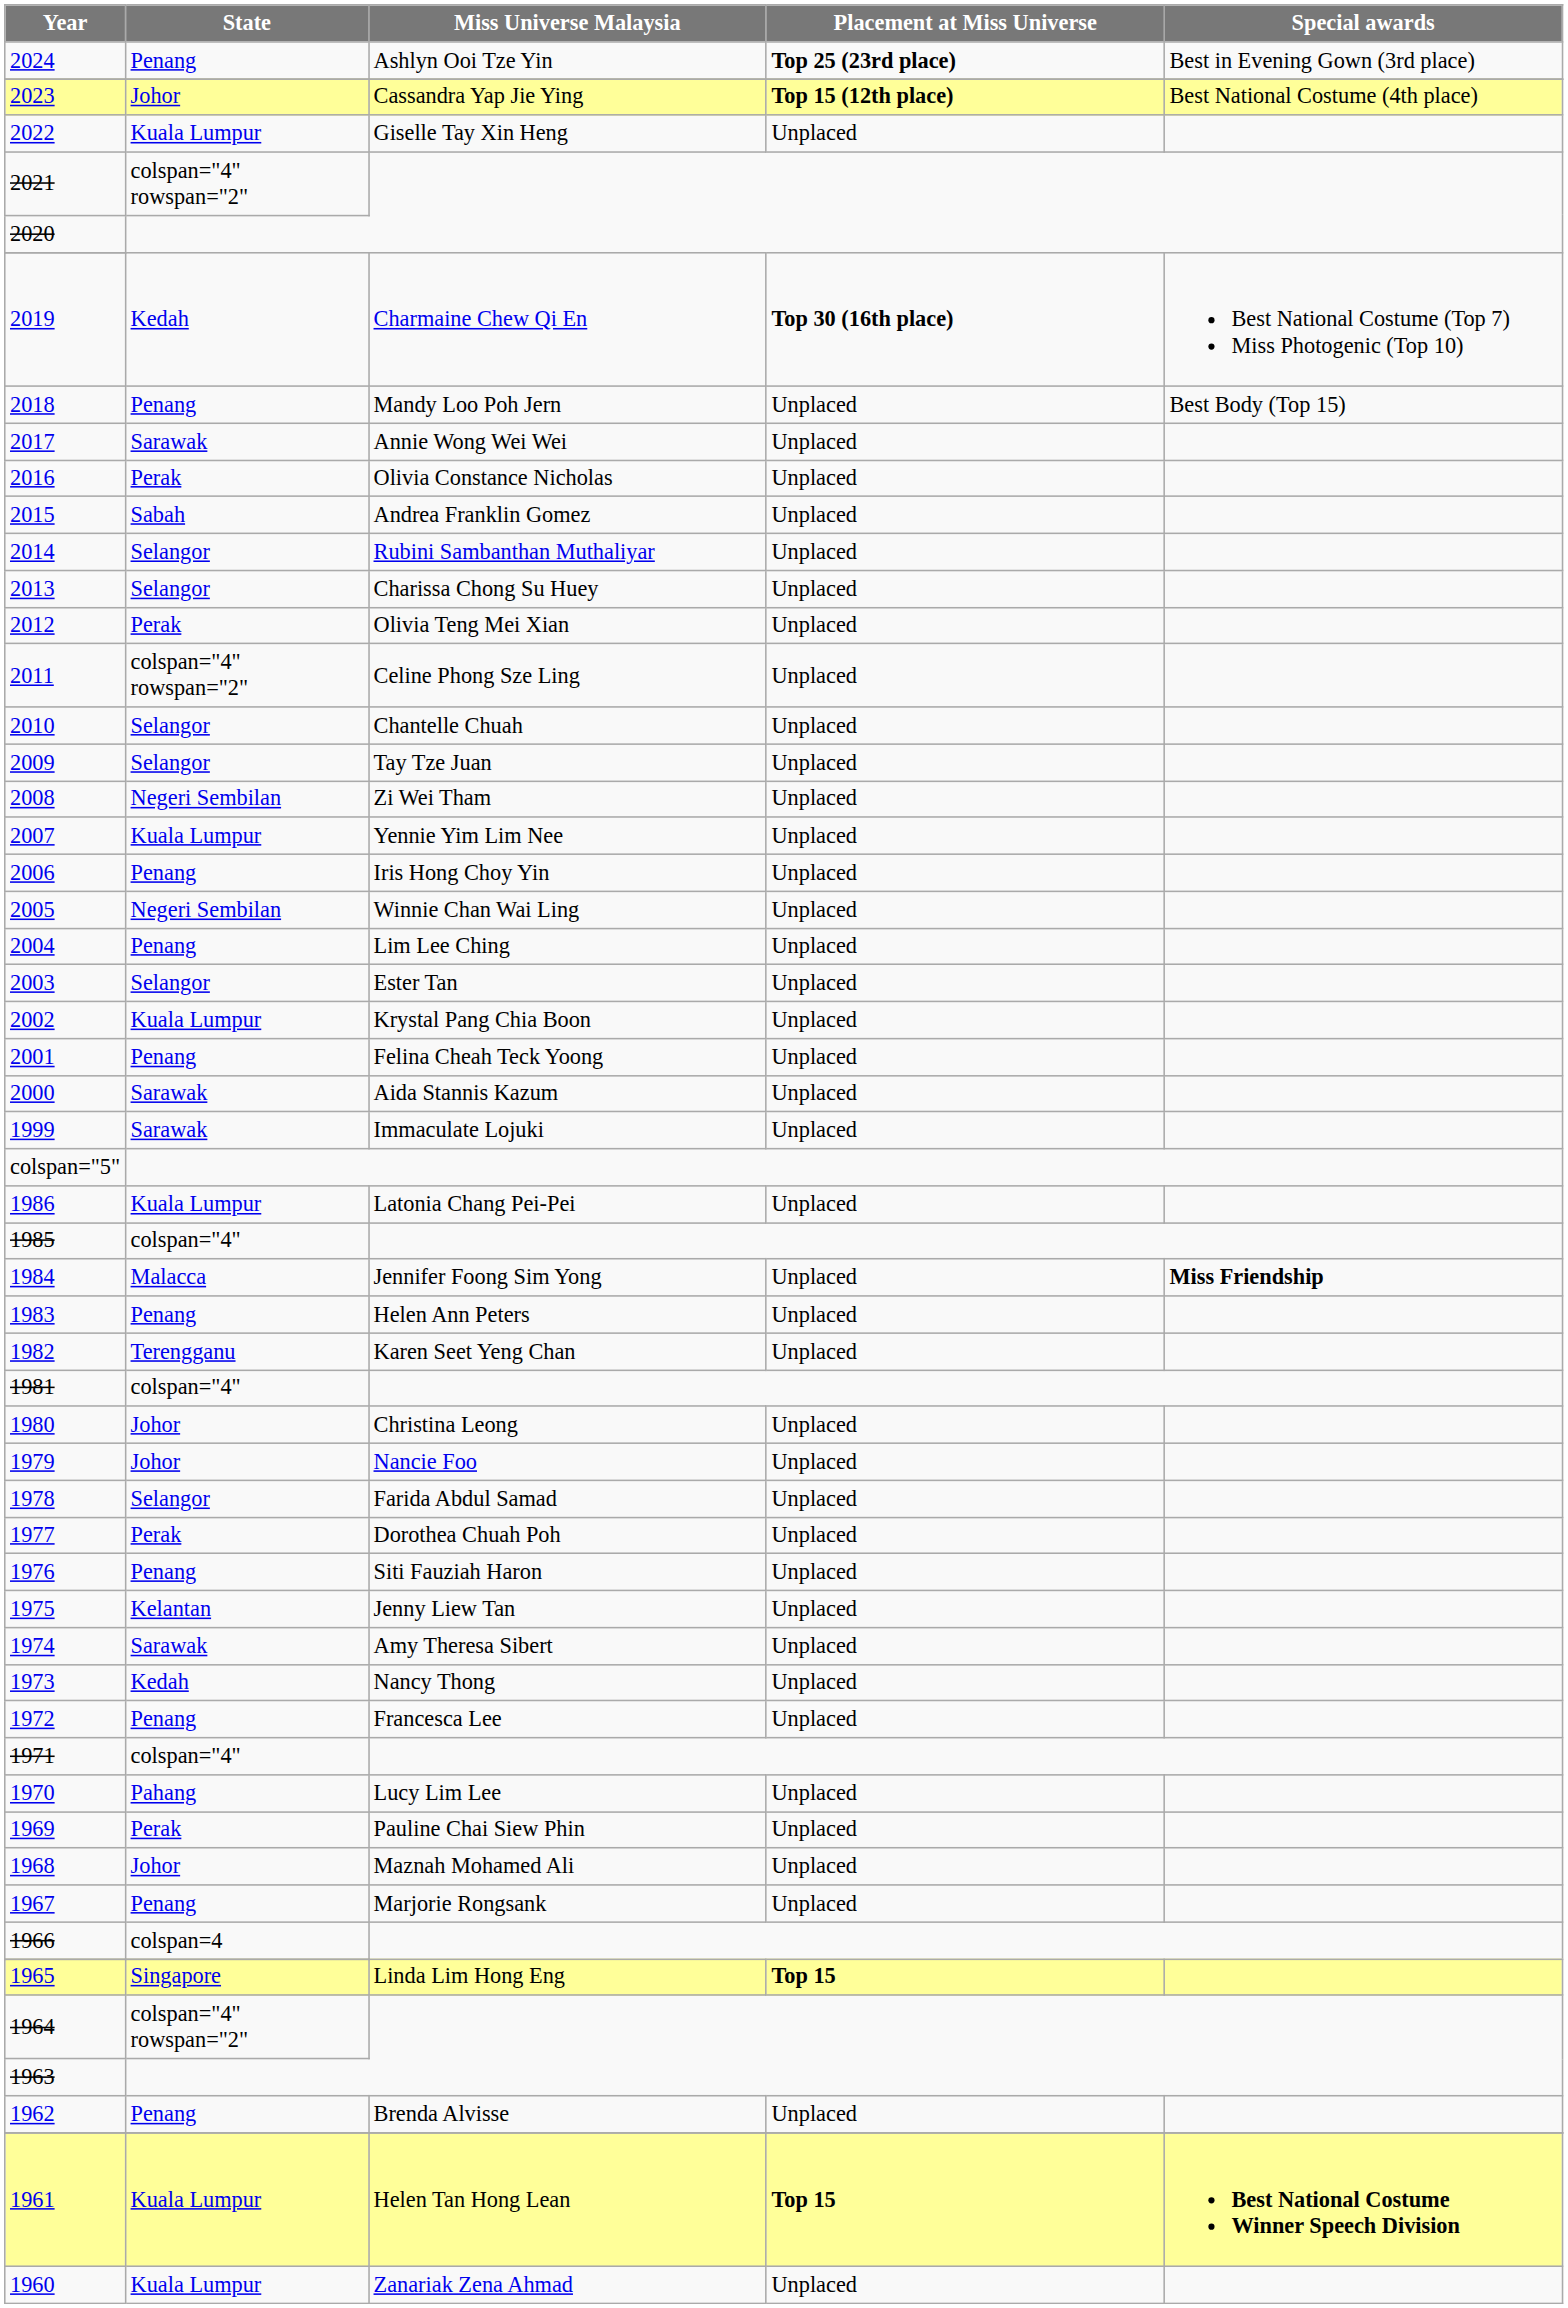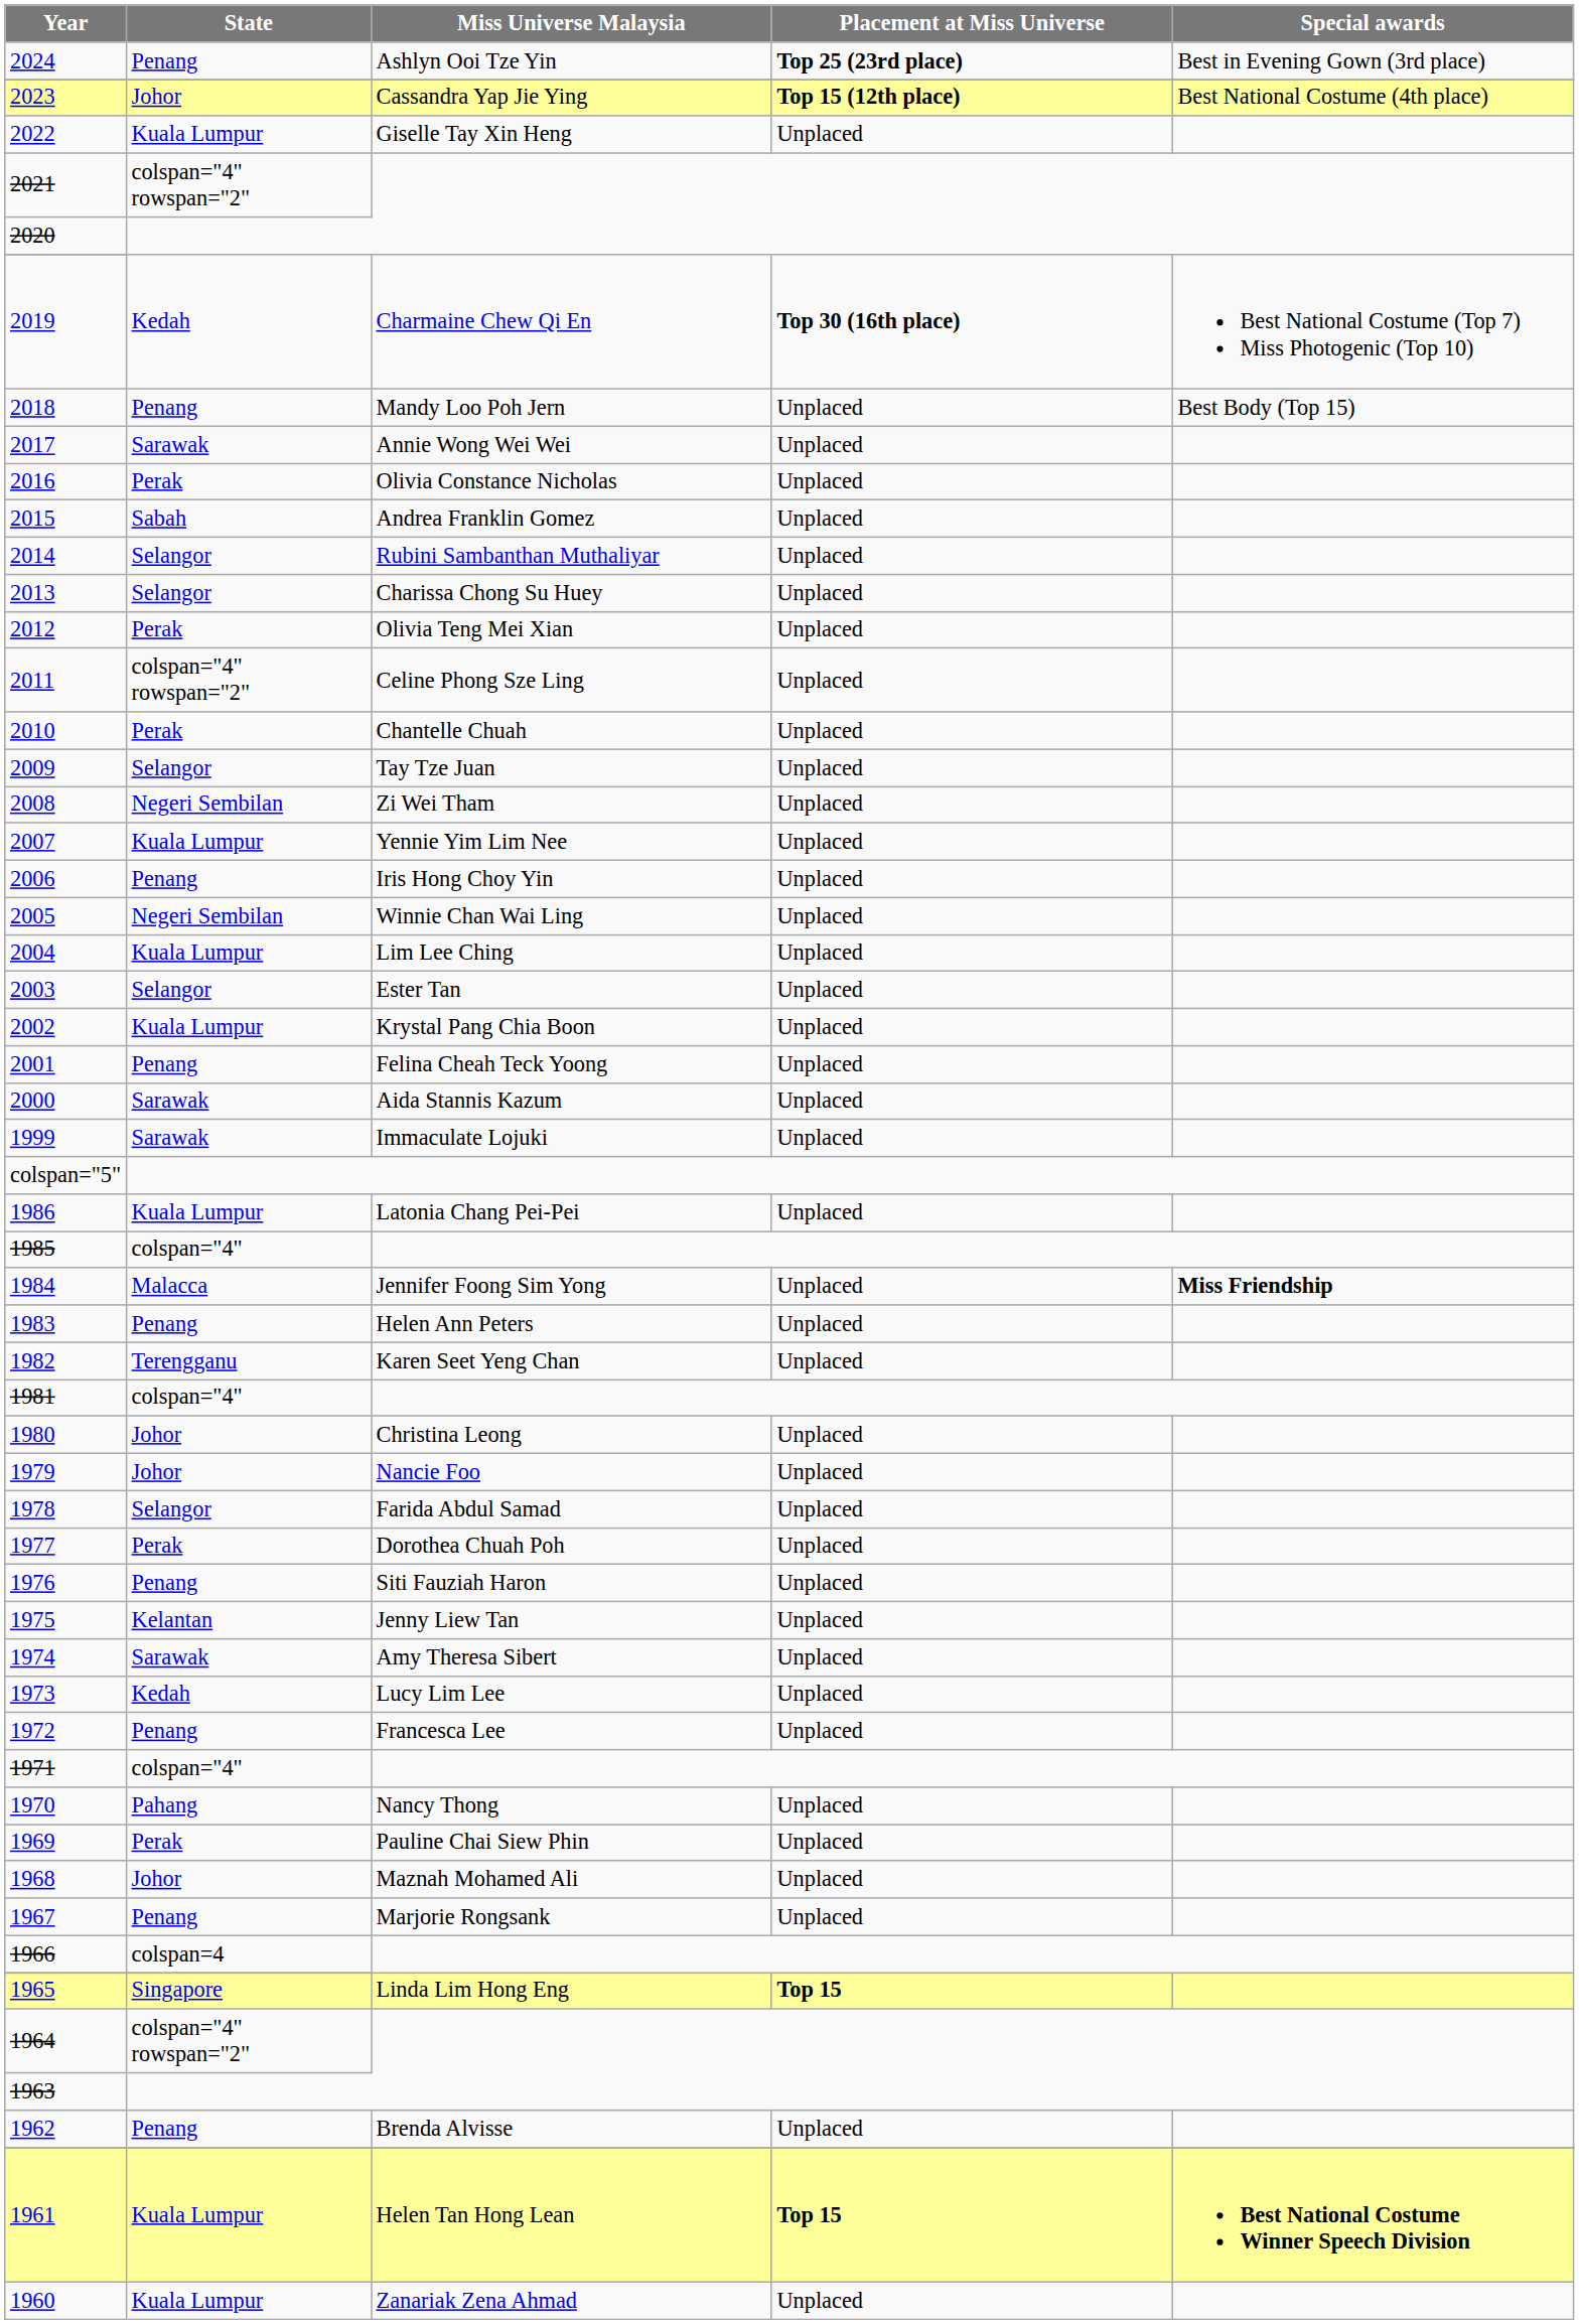 <table class="wikitable" style="font-size: 90%;">
 <tr>
 <th width="60" style="background-color:#787878;color:#FFFFFF;">Year</th>
 <th width="150" style="background-color:#787878;color:#FFFFFF;">State</th>
 <th width="250" style="background-color:#787878;color:#FFFFFF;">Miss Universe Malaysia</th>
 <th width="250" style="background-color:#787878;color:#FFFFFF;">Placement at Miss Universe</th>
 <th width="250" style="background-color:#787878;color:#FFFFFF;">Special awards</th>
 </tr>
 <tr>
 <td><a href='#'>2024</a></td>
 <td><a href='#'>Penang</a></td>
 <td>Ashlyn Ooi Tze Yin</td>
 <td><strong>Top 25 (23rd place)</strong></td>
 <td>Best in Evening Gown (3rd place)</td>
 </tr>
 <tr>
 </tr>
 <tr style="background-color:#FFFF99; ">
 <td><a href='#'>2023</a></td>
 <td><a href='#'>Johor</a></td>
 <td>Cassandra Yap Jie Ying</td>
 <td><strong>Top 15 (12th place)</strong></td>
 <td>Best National Costume (4th place)</td>
 </tr>
 <tr>
 <td><a href='#'>2022</a></td>
 <td><a href='#'>Kuala Lumpur</a></td>
 <td>Giselle Tay Xin Heng</td>
 <td>Unplaced</td>
 <td></td>
 </tr>
 <tr>
 <td><s>2021</s></td>
 <td>colspan="4" rowspan="2" </td>
 </tr>
 <tr>
 <td><s>2020</s></td>
 </tr>
 <tr>
 </tr>
 <tr>
 <td><a href='#'>2019</a></td>
 <td><a href='#'>Kedah</a></td>
 <td><a href='#'>Charmaine Chew Qi En</a></td>
 <td><strong>Top 30 (16th place)</strong></td>
 <td><br><ul><li>Best National Costume (Top 7)</li><li>Miss Photogenic (Top 10)</li></ul></td>
 </tr>
 <tr>
 <td><a href='#'>2018</a></td>
 <td><a href='#'>Penang</a></td>
 <td>Mandy Loo Poh Jern</td>
 <td>Unplaced</td>
 <td>Best Body (Top 15)</td>
 </tr>
 <tr>
 <td><a href='#'>2017</a></td>
 <td><a href='#'>Sarawak</a></td>
 <td>Annie Wong Wei Wei</td>
 <td>Unplaced</td>
 <td></td>
 </tr>
 <tr>
 <td><a href='#'>2016</a></td>
 <td><a href='#'>Perak</a></td>
 <td>Olivia Constance Nicholas</td>
 <td>Unplaced</td>
 <td></td>
 </tr>
 <tr>
 <td><a href='#'>2015</a></td>
 <td><a href='#'>Sabah</a></td>
 <td>Andrea Franklin Gomez</td>
 <td>Unplaced</td>
 <td></td>
 </tr>
 <tr>
 <td><a href='#'>2014</a></td>
 <td><a href='#'>Selangor</a></td>
 <td><a href='#'>Rubini Sambanthan Muthaliyar</a></td>
 <td>Unplaced</td>
 <td></td>
 </tr>
 <tr>
 <td><a href='#'>2013</a></td>
 <td><a href='#'>Selangor</a></td>
 <td>Charissa Chong Su Huey</td>
 <td>Unplaced</td>
 <td></td>
 </tr>
 <tr>
 <td><a href='#'>2012</a></td>
 <td><a href='#'>Perak</a></td>
 <td>Olivia Teng Mei Xian</td>
 <td>Unplaced</td>
 <td></td>
 </tr>
 <tr>
 <td><a href='#'>2011</a></td>
 <td>colspan="4" rowspan="2" </td>
 <td>Celine Phong Sze Ling</td>
 <td>Unplaced</td>
 <td></td>
 </tr>
 <tr>
 <td><a href='#'>2010</a></td>
-<td><a href='#'>Selangor</a></td>
+<td><a href='#'>Perak</a></td>
 <td>Chantelle Chuah</td>
 <td>Unplaced</td>
 <td></td>
 </tr>
 <tr>
 <td><a href='#'>2009</a></td>
 <td><a href='#'>Selangor</a></td>
 <td>Tay Tze Juan</td>
 <td>Unplaced</td>
 <td></td>
 </tr>
 <tr>
 <td><a href='#'>2008</a></td>
 <td><a href='#'>Negeri Sembilan</a></td>
 <td>Zi Wei Tham</td>
 <td>Unplaced</td>
 <td></td>
 </tr>
 <tr>
 <td><a href='#'>2007</a></td>
 <td><a href='#'>Kuala Lumpur</a></td>
 <td>Yennie Yim Lim Nee</td>
 <td>Unplaced</td>
 <td></td>
 </tr>
 <tr>
 <td><a href='#'>2006</a></td>
 <td><a href='#'>Penang</a></td>
 <td>Iris Hong Choy Yin</td>
 <td>Unplaced</td>
 <td></td>
 </tr>
 <tr>
 <td><a href='#'>2005</a></td>
 <td><a href='#'>Negeri Sembilan</a></td>
 <td>Winnie Chan Wai Ling</td>
 <td>Unplaced</td>
 <td></td>
 </tr>
 <tr>
 <td><a href='#'>2004</a></td>
-<td><a href='#'>Penang</a></td>
+<td><a href='#'>Kuala Lumpur</a></td>
 <td>Lim Lee Ching</td>
 <td>Unplaced</td>
 <td></td>
 </tr>
 <tr>
 <td><a href='#'>2003</a></td>
 <td><a href='#'>Selangor</a></td>
 <td>Ester Tan</td>
 <td>Unplaced</td>
 <td></td>
 </tr>
 <tr>
 <td><a href='#'>2002</a></td>
 <td><a href='#'>Kuala Lumpur</a></td>
 <td>Krystal Pang Chia Boon</td>
 <td>Unplaced</td>
 <td></td>
 </tr>
 <tr>
 <td><a href='#'>2001</a></td>
 <td><a href='#'>Penang</a></td>
 <td>Felina Cheah Teck Yoong</td>
 <td>Unplaced</td>
 <td></td>
 </tr>
 <tr>
 <td><a href='#'>2000</a></td>
 <td><a href='#'>Sarawak</a></td>
 <td>Aida Stannis Kazum</td>
 <td>Unplaced</td>
 <td></td>
 </tr>
 <tr>
 <td><a href='#'>1999</a></td>
 <td><a href='#'>Sarawak</a></td>
 <td>Immaculate Lojuki</td>
 <td>Unplaced</td>
 <td></td>
 </tr>
 <tr>
 <td>colspan="5" </td>
 </tr>
 <tr>
 <td><a href='#'>1986</a></td>
 <td><a href='#'>Kuala Lumpur</a></td>
 <td>Latonia Chang Pei-Pei</td>
 <td>Unplaced</td>
 <td></td>
 </tr>
 <tr>
 <td><s>1985</s></td>
 <td>colspan="4" </td>
 </tr>
 <tr>
 <td><a href='#'>1984</a></td>
 <td><a href='#'>Malacca</a></td>
 <td>Jennifer Foong Sim Yong</td>
 <td>Unplaced</td>
 <td><strong>Miss Friendship</strong></td>
 </tr>
 <tr>
 <td><a href='#'>1983</a></td>
 <td><a href='#'>Penang</a></td>
 <td>Helen Ann Peters</td>
 <td>Unplaced</td>
 <td></td>
 </tr>
 <tr>
 <td><a href='#'>1982</a></td>
 <td><a href='#'>Terengganu</a></td>
 <td>Karen Seet Yeng Chan</td>
 <td>Unplaced</td>
 <td></td>
 </tr>
 <tr>
 <td><s>1981</s></td>
 <td>colspan="4" </td>
 </tr>
 <tr>
 <td><a href='#'>1980</a></td>
 <td><a href='#'>Johor</a></td>
 <td>Christina Leong</td>
 <td>Unplaced</td>
 <td></td>
 </tr>
 <tr>
 <td><a href='#'>1979</a></td>
 <td><a href='#'>Johor</a></td>
 <td><a href='#'>Nancie Foo</a></td>
 <td>Unplaced</td>
 <td></td>
 </tr>
 <tr>
 <td><a href='#'>1978</a></td>
 <td><a href='#'>Selangor</a></td>
 <td>Farida Abdul Samad</td>
 <td>Unplaced</td>
 <td></td>
 </tr>
 <tr>
 <td><a href='#'>1977</a></td>
 <td><a href='#'>Perak</a></td>
 <td>Dorothea Chuah Poh</td>
 <td>Unplaced</td>
 <td></td>
 </tr>
 <tr>
 <td><a href='#'>1976</a></td>
 <td><a href='#'>Penang</a></td>
 <td>Siti Fauziah Haron</td>
 <td>Unplaced</td>
 <td></td>
 </tr>
 <tr>
 <td><a href='#'>1975</a></td>
 <td><a href='#'>Kelantan</a></td>
 <td>Jenny Liew Tan</td>
 <td>Unplaced</td>
 <td></td>
 </tr>
 <tr>
 <td><a href='#'>1974</a></td>
 <td><a href='#'>Sarawak</a></td>
 <td>Amy Theresa Sibert</td>
 <td>Unplaced</td>
 <td></td>
 </tr>
 <tr>
 <td><a href='#'>1973</a></td>
 <td><a href='#'>Kedah</a></td>
-<td>Nancy Thong</td>
+<td>Lucy Lim Lee</td>
 <td>Unplaced</td>
 <td></td>
 </tr>
 <tr>
 <td><a href='#'>1972</a></td>
 <td><a href='#'>Penang</a></td>
 <td>Francesca Lee</td>
 <td>Unplaced</td>
 <td></td>
 </tr>
 <tr>
 <td><s>1971</s></td>
 <td>colspan="4" </td>
 </tr>
 <tr>
 <td><a href='#'>1970</a></td>
 <td><a href='#'>Pahang</a></td>
-<td>Lucy Lim Lee</td>
+<td>Nancy Thong</td>
 <td>Unplaced</td>
 <td></td>
 </tr>
 <tr>
 <td><a href='#'>1969</a></td>
 <td><a href='#'>Perak</a></td>
 <td>Pauline Chai Siew Phin</td>
 <td>Unplaced</td>
 <td></td>
 </tr>
 <tr>
 <td><a href='#'>1968</a></td>
 <td><a href='#'>Johor</a></td>
 <td>Maznah Mohamed Ali</td>
 <td>Unplaced</td>
 <td></td>
 </tr>
 <tr>
 <td><a href='#'>1967</a></td>
 <td><a href='#'>Penang</a></td>
 <td>Marjorie Rongsank</td>
 <td>Unplaced</td>
 <td></td>
 </tr>
 <tr>
 <td><s>1966</s></td>
 <td>colspan=4 </td>
 </tr>
 <tr>
 </tr>
 <tr style="background-color:#FFFF99; ">
 <td><a href='#'>1965</a></td>
 <td><a href='#'>Singapore</a></td>
 <td>Linda Lim Hong Eng</td>
 <td><strong>Top 15</strong></td>
 <td></td>
 </tr>
 <tr>
 <td><s>1964</s></td>
 <td>colspan="4" rowspan="2" </td>
 </tr>
 <tr>
 <td><s>1963</s></td>
 </tr>
 <tr>
 <td><a href='#'>1962</a></td>
 <td><a href='#'>Penang</a></td>
 <td>Brenda Alvisse</td>
 <td>Unplaced</td>
 <td></td>
 </tr>
 <tr>
 </tr>
 <tr style="background-color:#FFFF99; ">
 <td><a href='#'>1961</a></td>
 <td><a href='#'>Kuala Lumpur</a></td>
 <td>Helen Tan Hong Lean</td>
 <td><strong>Top 15</strong></td>
 <td><br><ul><li><strong>Best National Costume</strong></li><li><strong>Winner Speech Division</strong></li></ul></td>
 </tr>
 <tr>
 <td><a href='#'>1960</a></td>
 <td><a href='#'>Kuala Lumpur</a></td>
 <td><a href='#'>Zanariak Zena Ahmad</a></td>
 <td>Unplaced</td>
 <td></td>
 </tr>
 </table>
